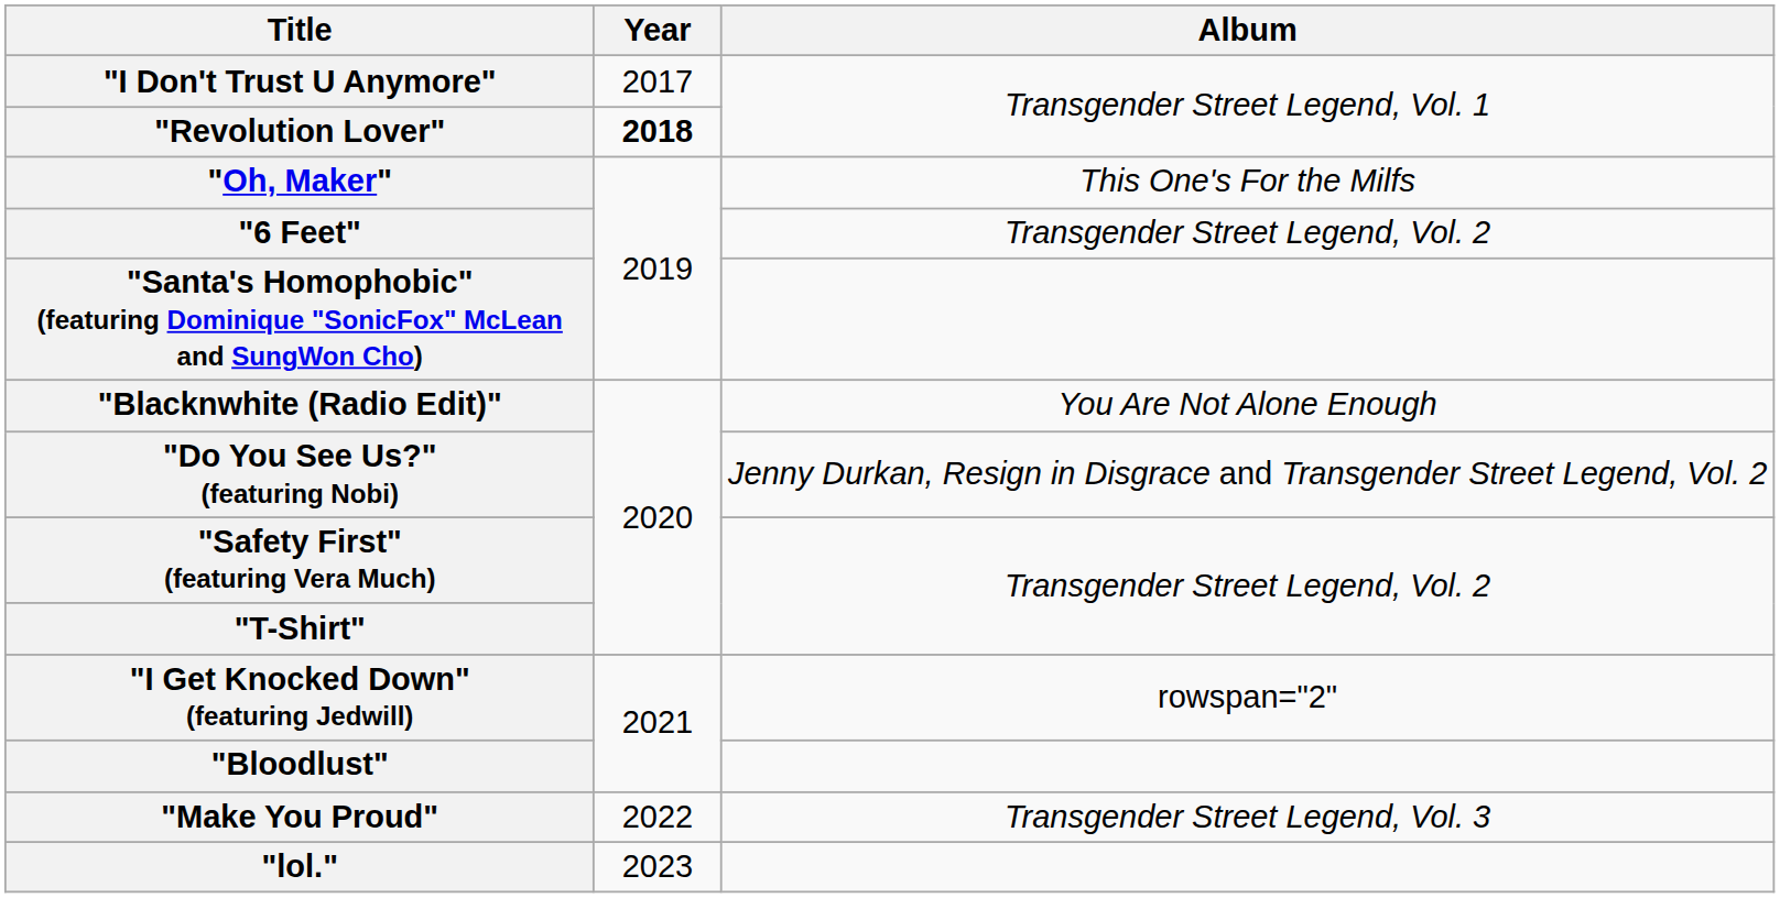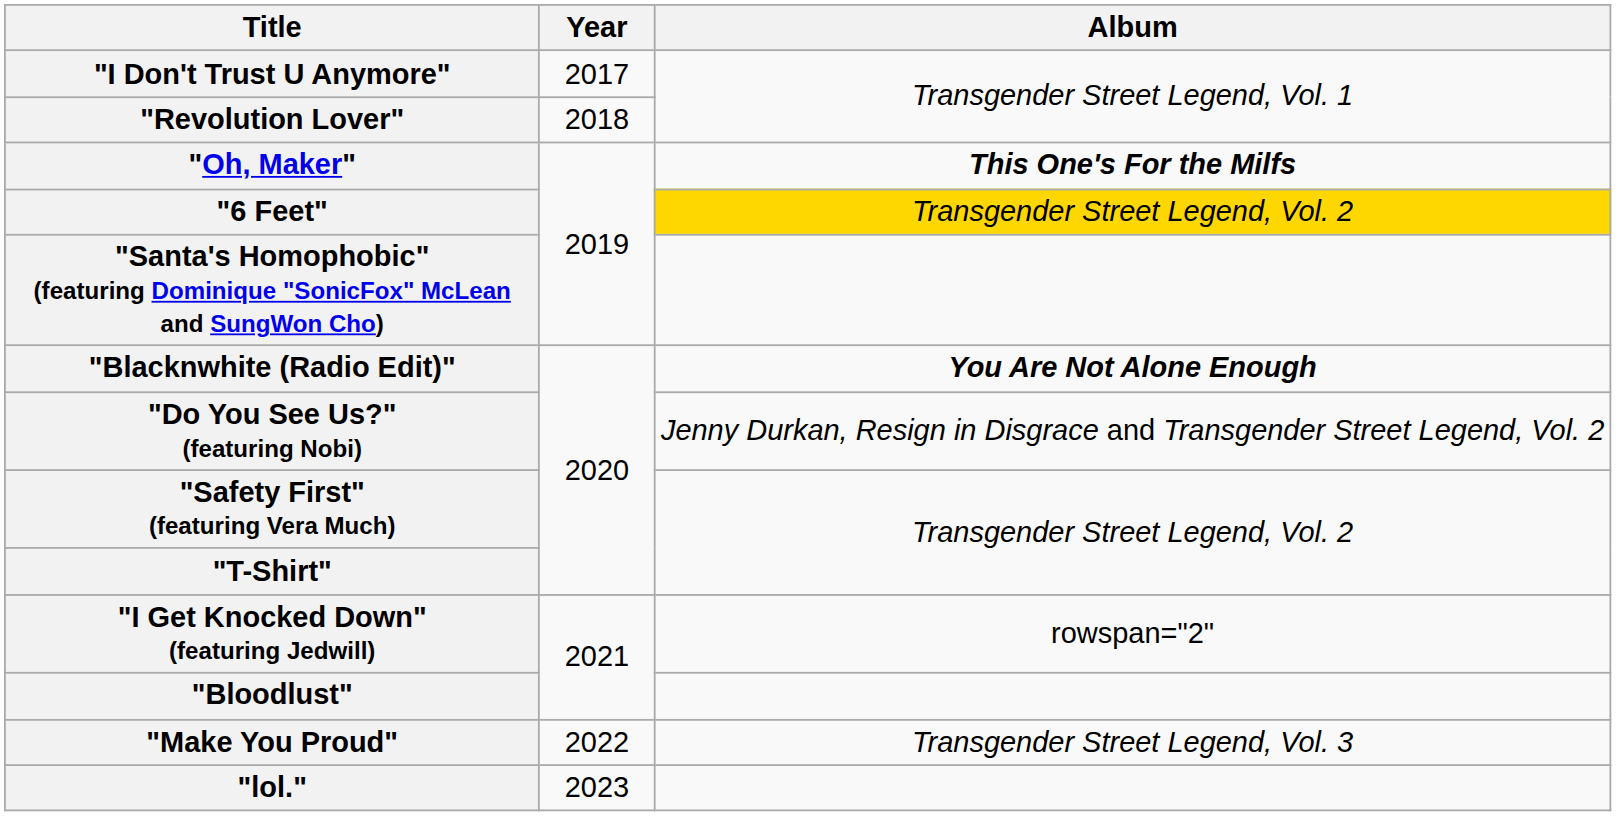 <table class="wikitable plainrowheaders" style="text-align:center;">
 <tr>
 <th scope="col" style="width:18em;">Title</th>
 <th scope="col" style="width:3.5em;">Year</th>
 <th scope="col">Album</th>
 </tr>
 <tr>
 <th scope="row">"I Don't Trust U Anymore"</th>
 <td>2017</td>
 <td rowspan="2"><em>Transgender Street Legend, Vol. 1</em></td>
 </tr>
 <tr>
 <th scope="row">"Revolution Lover"</th>
-<td><strong>2018</strong></td>
+<td>2018</td>
 </tr>
 <tr>
 <th scope="row">"<a href='#'>Oh, Maker</a>"</th>
 <td rowspan="3">2019</td>
-<td><em>This One's For the Milfs</em></td>
+<td><strong><em>This One's For the Milfs</em></strong></td>
 </tr>
 <tr>
 <th scope="row">"6 Feet"</th>
-<td><em>Transgender Street Legend, Vol. 2</em></td>
+<td style="background: gold;"><em>Transgender Street Legend, Vol. 2</em></td>
 </tr>
 <tr>
 <th scope="row">"Santa's Homophobic"<br><small>(featuring <a href='#'>Dominique "SonicFox" McLean</a> and <a href='#'>SungWon Cho</a>)</small></th>
 <td></td>
 </tr>
 <tr>
 <th scope="row">"Blacknwhite (Radio Edit)"</th>
 <td rowspan="4">2020</td>
-<td><em>You Are Not Alone Enough</em></td>
+<td><strong><em>You Are Not Alone Enough</em></strong></td>
 </tr>
 <tr>
 <th scope="row">"Do You See Us?"<br><small>(featuring Nobi)</small></th>
 <td><em>Jenny Durkan, Resign in Disgrace</em> and <em>Transgender Street Legend, Vol. 2</em></td>
 </tr>
 <tr>
 <th scope="row">"Safety First"<br><small>(featuring Vera Much)</small></th>
 <td rowspan="2"><em>Transgender Street Legend, Vol. 2</em></td>
 </tr>
 <tr>
 <th scope="row">"T-Shirt"</th>
 </tr>
 <tr>
 <th scope="row">"I Get Knocked Down"<br><small>(featuring Jedwill)</small></th>
 <td rowspan="2">2021</td>
 <td>rowspan="2" </td>
 </tr>
 <tr>
 <th scope="row">"Bloodlust"</th>
 </tr>
 <tr>
 <th scope="row">"Make You Proud"<br></th>
 <td>2022</td>
 <td><em>Transgender Street Legend, Vol. 3</em></td>
 </tr>
 <tr>
 <th scope="row">"lol."<br></th>
 <td>2023</td>
 <td></td>
 </tr>
 </table>
